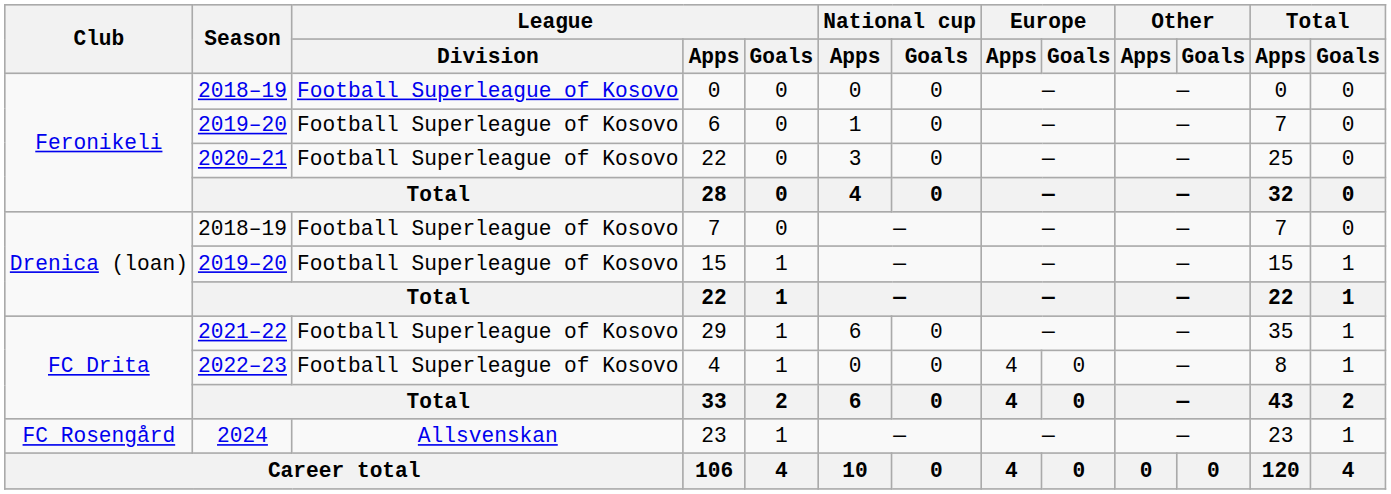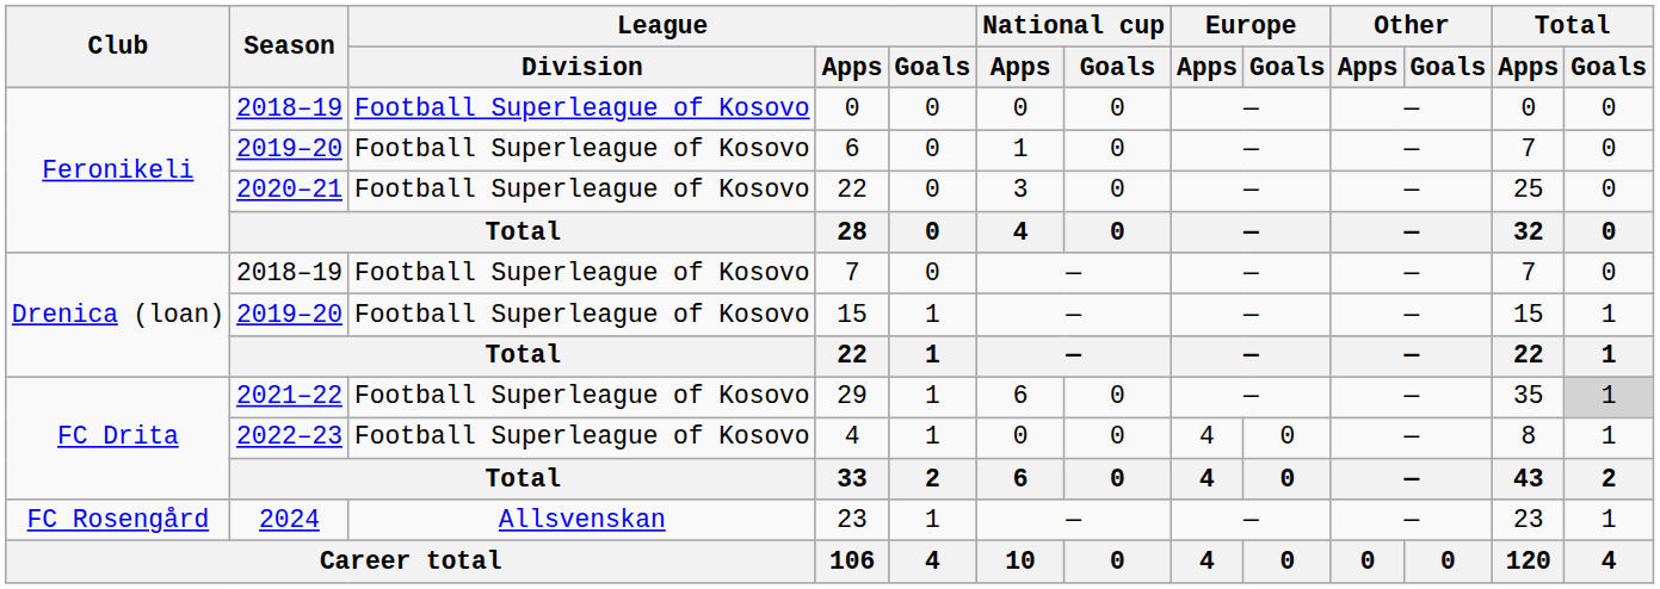 <table class="wikitable" Style="text-align: center">
 <tr>
 <th rowspan="2">Club</th>
 <th rowspan="2">Season</th>
 <th colspan="3">League</th>
 <th colspan="2">National cup</th>
 <th colspan="2">Europe</th>
 <th colspan="2">Other</th>
 <th colspan="2">Total</th>
 </tr>
 <tr>
 <th>Division</th>
 <th>Apps</th>
 <th>Goals</th>
 <th>Apps</th>
 <th>Goals</th>
 <th>Apps</th>
 <th>Goals</th>
 <th>Apps</th>
 <th>Goals</th>
 <th>Apps</th>
 <th>Goals</th>
 </tr>
 <tr>
 <td rowspan="4"><a href='#'>Feronikeli</a></td>
 <td><a href='#'>2018–19</a></td>
 <td><a href='#'>Football Superleague of Kosovo</a></td>
 <td>0</td>
 <td>0</td>
 <td>0</td>
 <td>0</td>
 <td colspan="2">—</td>
 <td colspan="2">—</td>
 <td>0</td>
 <td>0</td>
 </tr>
 <tr>
 <td><a href='#'>2019–20</a></td>
 <td>Football Superleague of Kosovo</td>
 <td>6</td>
 <td>0</td>
 <td>1</td>
 <td>0</td>
 <td colspan="2">—</td>
 <td colspan="2">—</td>
 <td>7</td>
 <td>0</td>
 </tr>
 <tr>
 <td><a href='#'>2020–21</a></td>
 <td>Football Superleague of Kosovo</td>
 <td>22</td>
 <td>0</td>
 <td>3</td>
 <td>0</td>
 <td colspan="2">—</td>
 <td colspan="2">—</td>
 <td>25</td>
 <td>0</td>
 </tr>
 <tr>
 <th colspan="2">Total</th>
 <th>28</th>
 <th>0</th>
 <th>4</th>
 <th>0</th>
 <th colspan="2">—</th>
 <th colspan="2">—</th>
 <th>32</th>
 <th>0</th>
 </tr>
 <tr>
 <td rowspan="3"><a href='#'>Drenica</a> (loan)</td>
 <td>2018–19</td>
 <td>Football Superleague of Kosovo</td>
 <td>7</td>
 <td>0</td>
 <td colspan="2">—</td>
 <td colspan="2">—</td>
 <td colspan="2">—</td>
 <td>7</td>
 <td>0</td>
 </tr>
 <tr>
 <td><a href='#'>2019–20</a></td>
 <td>Football Superleague of Kosovo</td>
 <td>15</td>
 <td>1</td>
 <td colspan="2">—</td>
 <td colspan="2">—</td>
 <td colspan="2">—</td>
 <td>15</td>
 <td>1</td>
 </tr>
 <tr>
 <th colspan="2">Total</th>
 <th>22</th>
 <th>1</th>
 <th colspan="2">—</th>
 <th colspan="2">—</th>
 <th colspan="2">—</th>
 <th>22</th>
 <th>1</th>
 </tr>
 <tr>
 <td rowspan="3"><a href='#'>FC Drita</a></td>
 <td><a href='#'>2021–22</a></td>
 <td>Football Superleague of Kosovo</td>
 <td>29</td>
 <td>1</td>
 <td>6</td>
 <td>0</td>
 <td colspan="2">—</td>
 <td colspan="2">—</td>
 <td>35</td>
-<td>1</td>
+<td style="background: lightgrey;">1</td>
 </tr>
 <tr>
 <td><a href='#'>2022–23</a></td>
 <td>Football Superleague of Kosovo</td>
 <td>4</td>
 <td>1</td>
 <td>0</td>
 <td>0</td>
 <td>4</td>
 <td>0</td>
 <td colspan="2">—</td>
 <td>8</td>
 <td>1</td>
 </tr>
 <tr>
 <th colspan="2">Total</th>
 <th>33</th>
 <th>2</th>
 <th>6</th>
 <th>0</th>
 <th>4</th>
 <th>0</th>
 <th colspan="2">—</th>
 <th>43</th>
 <th>2</th>
 </tr>
 <tr>
 <td><a href='#'>FC Rosengård</a></td>
 <td><a href='#'>2024</a></td>
 <td><a href='#'>Allsvenskan</a></td>
 <td>23</td>
 <td>1</td>
 <td colspan="2">—</td>
 <td colspan="2">—</td>
 <td colspan="2">—</td>
 <td>23</td>
 <td>1</td>
 </tr>
 <tr>
 <th colspan="3">Career total</th>
 <th>106</th>
 <th>4</th>
 <th>10</th>
 <th>0</th>
 <th>4</th>
 <th>0</th>
 <th>0</th>
 <th>0</th>
 <th>120</th>
 <th>4</th>
 </tr>
 </table>
